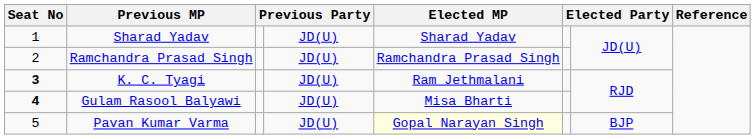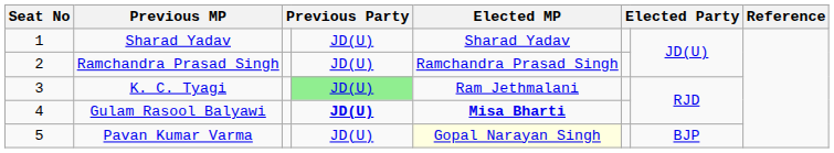 <table class="wikitable">
 <tr>
 <th>Seat No</th>
 <th>Previous MP</th>
 <th colspan=2>Previous Party</th>
 <th>Elected MP</th>
 <th colspan=2>Elected Party</th>
 <th>Reference</th>
 </tr>
 <tr style="text-align:center;">
 <td>1</td>
 <td><a href='#'>Sharad Yadav</a></td>
 <td width="1px"></td>
 <td><a href='#'>JD(U)</a></td>
 <td><a href='#'>Sharad Yadav</a></td>
 <td width="1px"></td>
 <td rowspan="2"><a href='#'>JD(U)</a></td>
 <td rowspan=5></td>
 </tr>
 <tr style="text-align:center;">
 <td>2</td>
 <td><a href='#'>Ramchandra Prasad Singh</a></td>
 <td width="1px"></td>
 <td><a href='#'>JD(U)</a></td>
 <td><a href='#'>Ramchandra Prasad Singh</a></td>
 </tr>
 <tr style="text-align:center;">
-<td><strong>3</strong></td>
+<td>3</td>
 <td><a href='#'>K. C. Tyagi</a></td>
 <td width="1px"></td>
-<td><a href='#'>JD(U)</a></td>
+<td style="background: lightgreen;"><a href='#'>JD(U)</a></td>
 <td><a href='#'>Ram Jethmalani</a></td>
 <td width="1px"></td>
 <td rowspan="2"><a href='#'>RJD</a></td>
 </tr>
 <tr style="text-align:center;">
-<td><strong>4</strong></td>
+<td>4</td>
 <td><a href='#'>Gulam Rasool Balyawi</a></td>
 <td width="1px"></td>
-<td><a href='#'>JD(U)</a></td>
-<td><a href='#'>Misa Bharti</a></td>
+<td><strong><a href='#'>JD(U)</a></strong></td>
+<td><strong><a href='#'>Misa Bharti</a></strong></td>
 </tr>
 <tr style="text-align:center;">
 <td>5</td>
 <td><a href='#'>Pavan Kumar Varma</a></td>
 <td width="1px"></td>
 <td><a href='#'>JD(U)</a></td>
 <td style="background: lightyellow;"><a href='#'>Gopal Narayan Singh</a></td>
 <td width="1px"></td>
 <td><a href='#'>BJP</a></td>
 </tr>
 </table>
